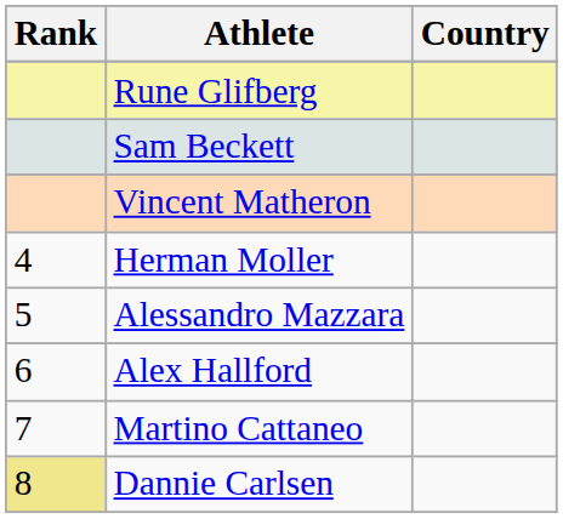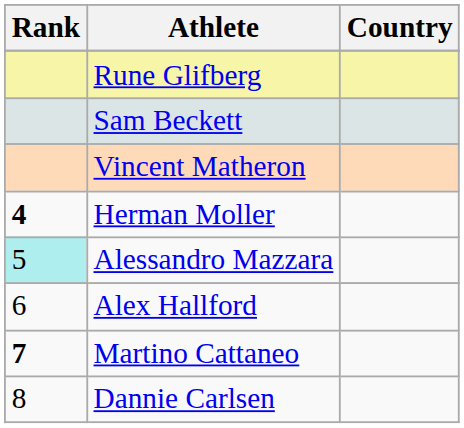 <table class="wikitable">
 <tr>
 <th>Rank</th>
 <th>Athlete</th>
 <th>Country</th>
 </tr>
 <tr>
 </tr>
 <tr bgcolor="#F7F6A8">
 <td></td>
 <td><a href='#'>Rune Glifberg</a></td>
 <td></td>
 </tr>
 <tr bgcolor="#DCE5E5">
 <td></td>
 <td><a href='#'>Sam Beckett</a></td>
 <td></td>
 </tr>
 <tr bgcolor="#FFDAB9">
 <td></td>
 <td><a href='#'>Vincent Matheron</a></td>
 <td></td>
 </tr>
 <tr>
-<td>4</td>
+<td><strong>4</strong></td>
 <td><a href='#'>Herman Moller</a></td>
 <td></td>
 </tr>
 <tr>
-<td>5</td>
+<td style="background: paleturquoise;">5</td>
 <td><a href='#'>Alessandro Mazzara</a></td>
 <td></td>
 </tr>
 <tr>
 <td>6</td>
 <td><a href='#'>Alex Hallford</a></td>
 <td></td>
 </tr>
 <tr>
-<td>7</td>
+<td><strong>7</strong></td>
 <td><a href='#'>Martino Cattaneo</a></td>
 <td></td>
 </tr>
 <tr>
-<td style="background: khaki;">8</td>
+<td>8</td>
 <td><a href='#'>Dannie Carlsen</a></td>
 <td></td>
 </tr>
 </table>
